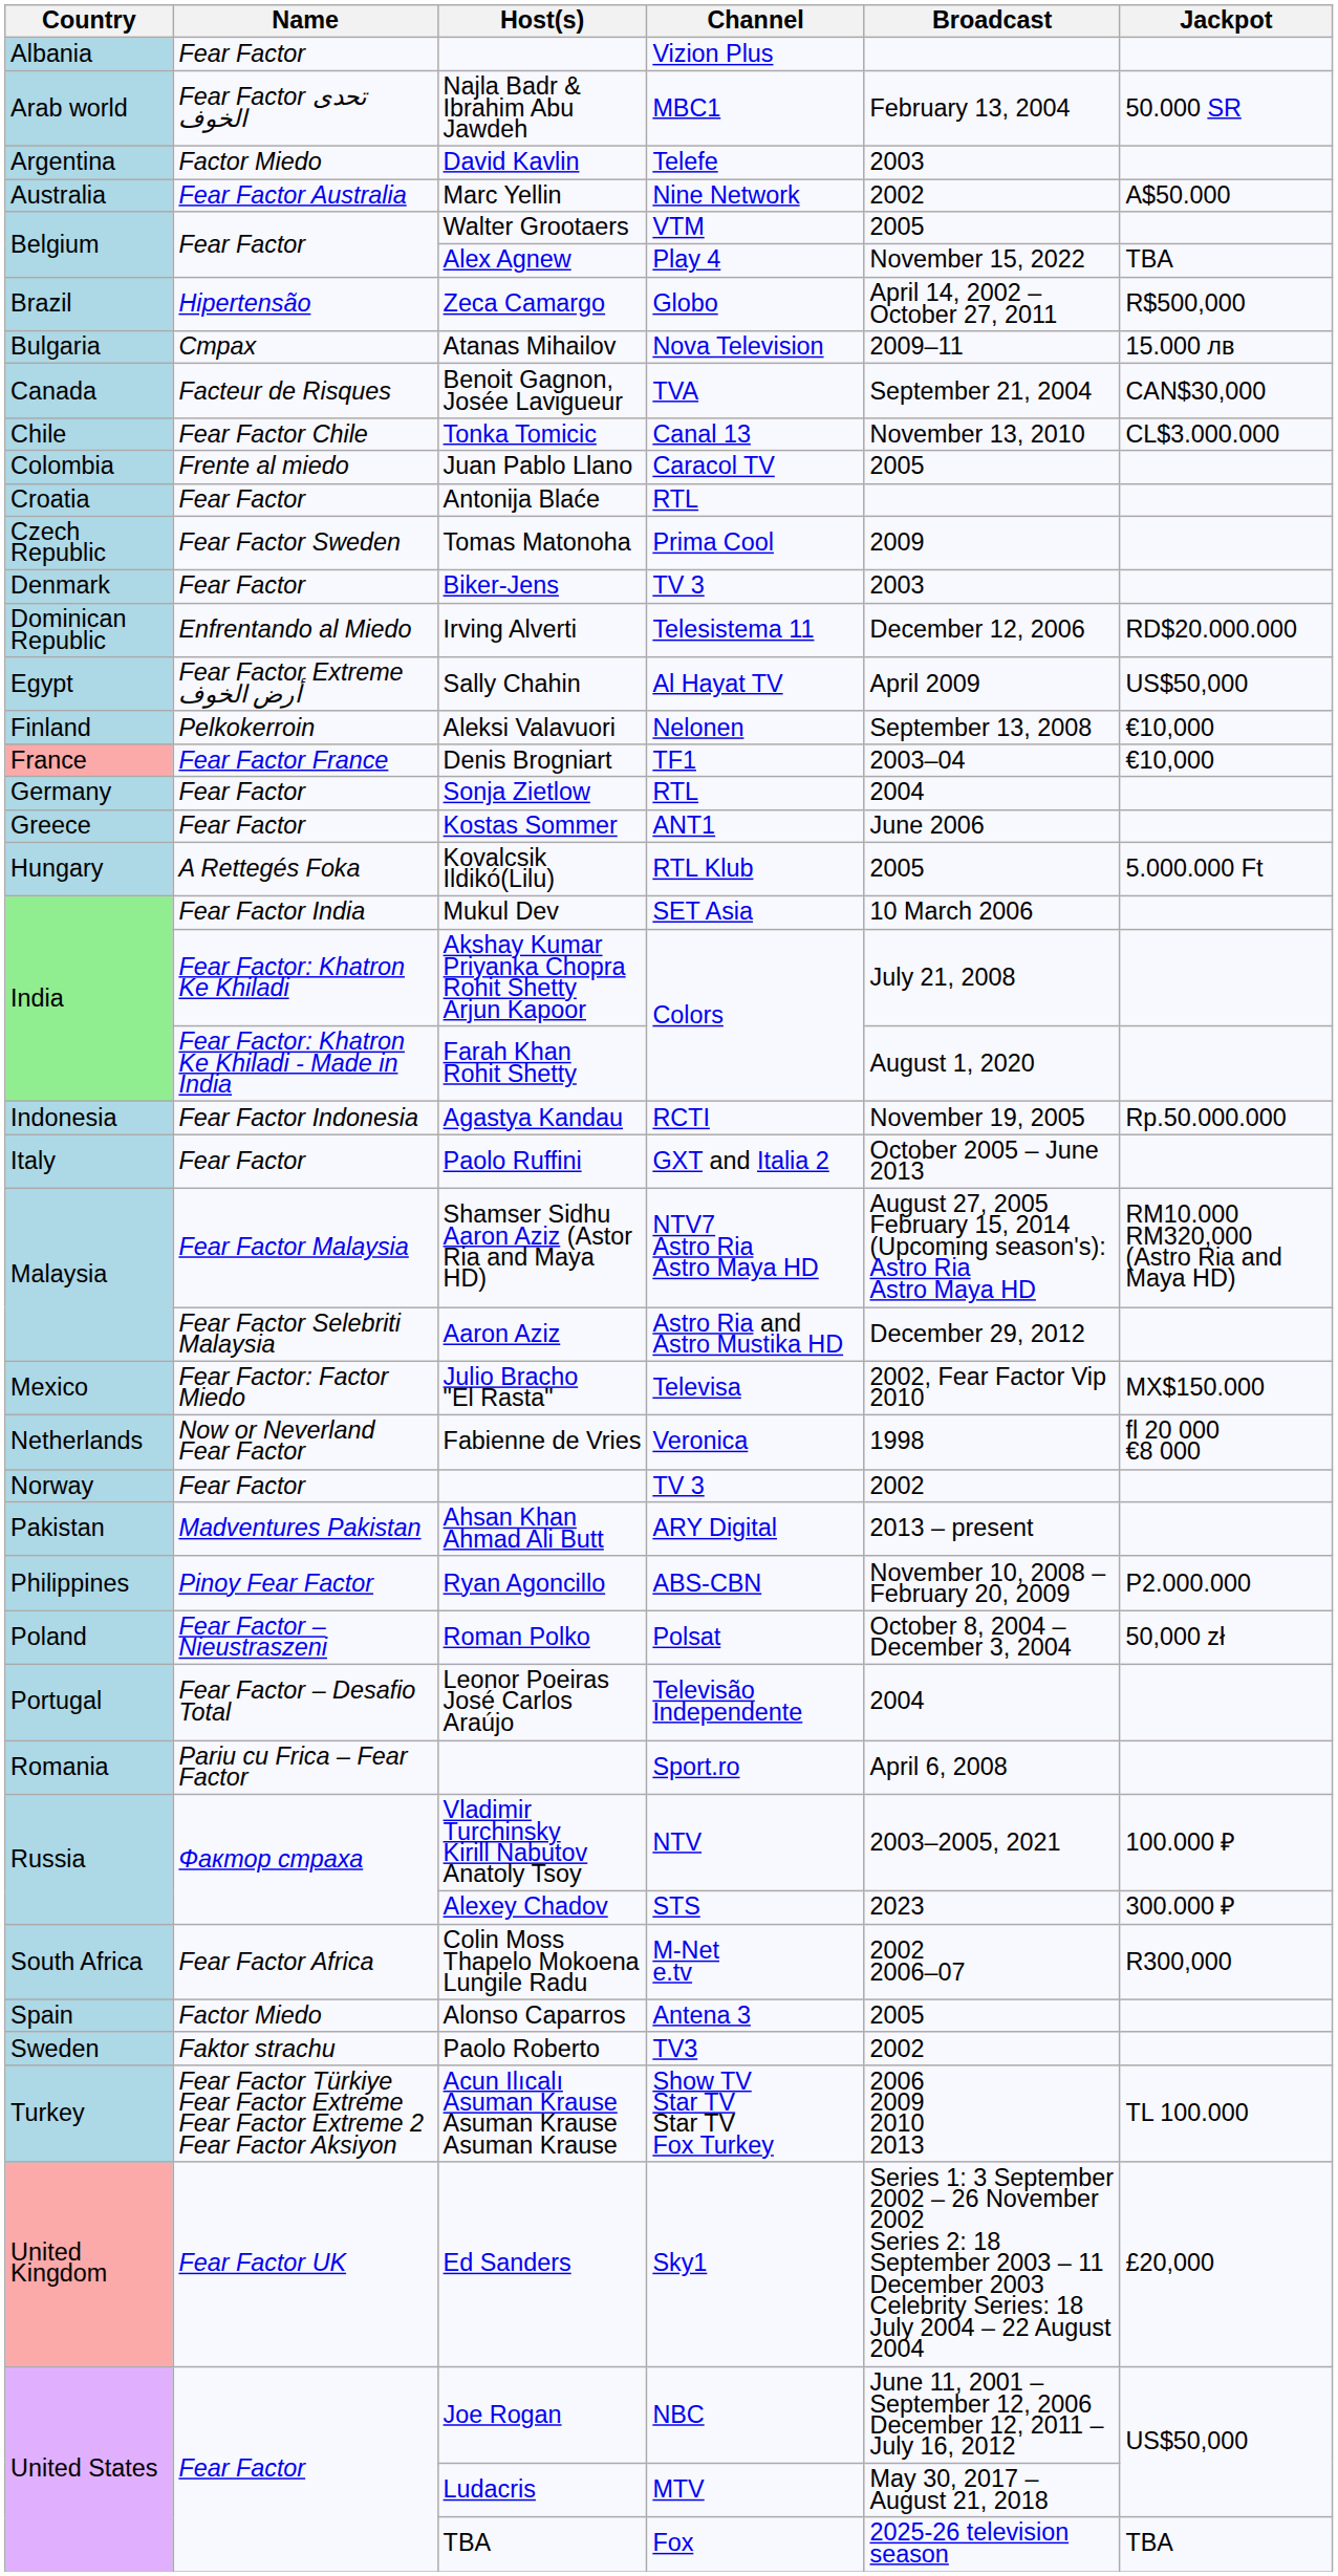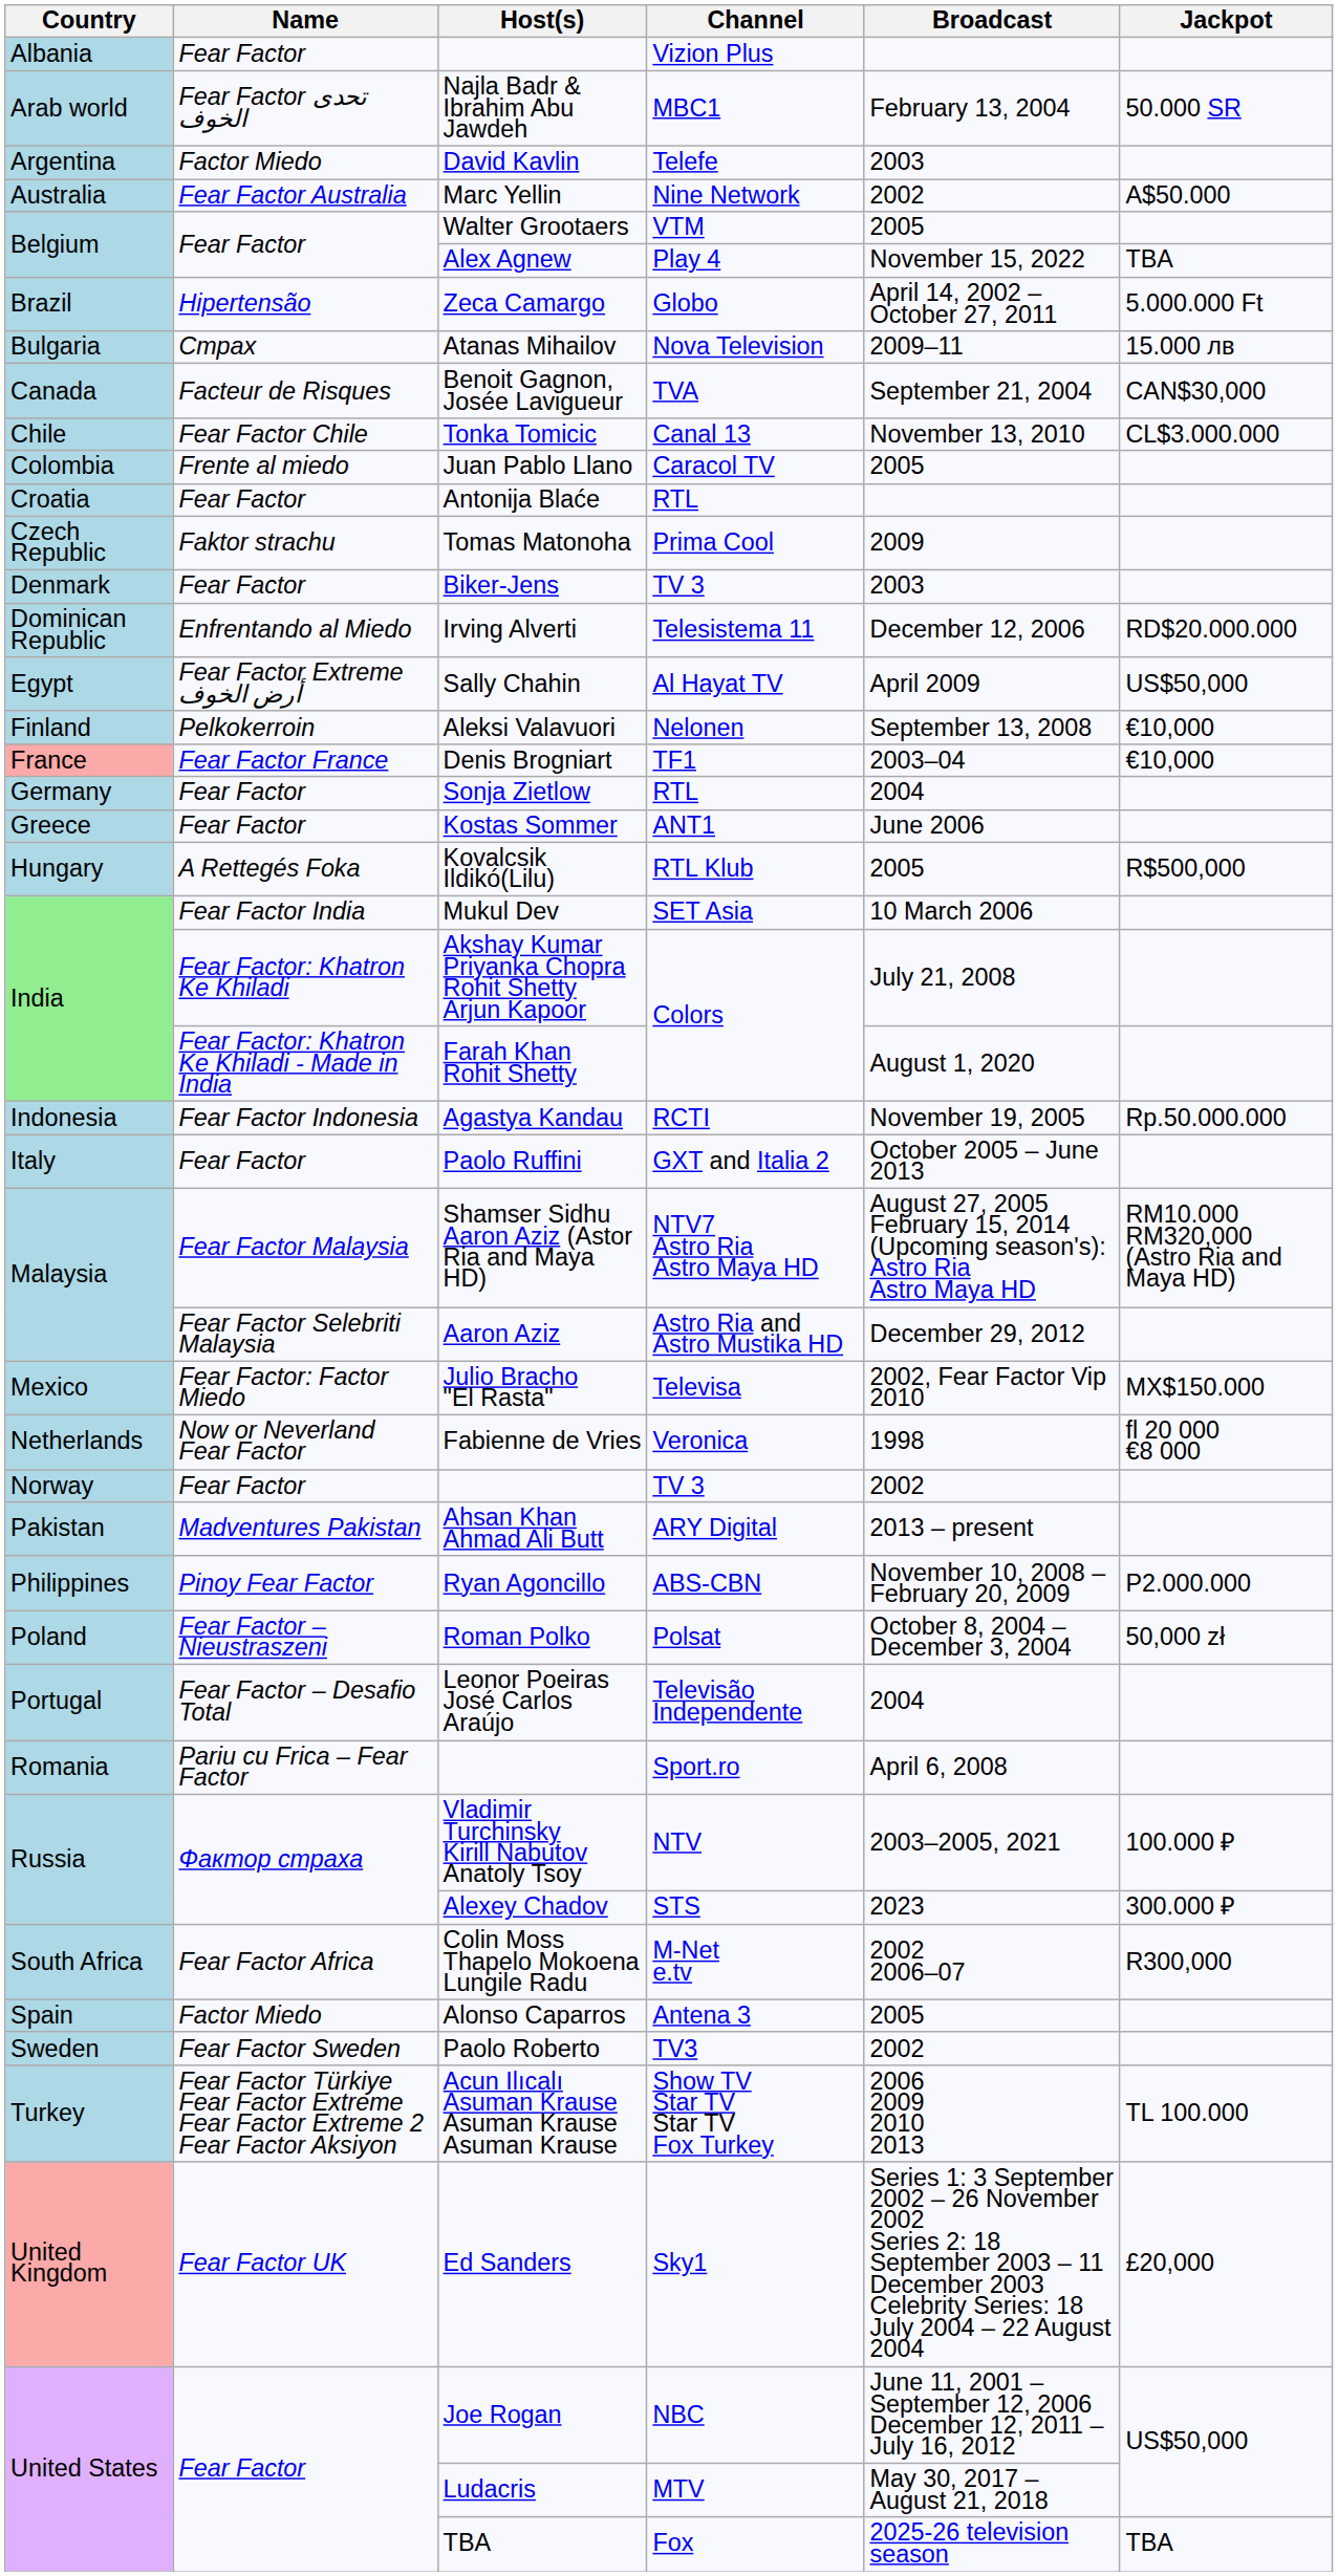 <table class="wikitable" style="text-align:left; line-height:14px; background:#F8F8FF;">
 <tr>
 <th>Country</th>
 <th>Name</th>
 <th>Host(s)</th>
 <th>Channel</th>
 <th>Broadcast</th>
 <th>Jackpot</th>
 </tr>
 <tr>
 <td style="background:#ADD8E6; text-align:left;">Albania</td>
 <td><em>Fear Factor</em></td>
 <td></td>
 <td><a href='#'>Vizion Plus</a></td>
 <td></td>
 <td></td>
 </tr>
 <tr>
 <td style="background:#ADD8E6; text-align:left;">Arab world</td>
 <td><em>Fear Factor تحدى الخوف</em></td>
 <td>Najla Badr & Ibrahim Abu Jawdeh</td>
 <td><a href='#'>MBC1</a></td>
 <td>February 13, 2004</td>
 <td>50.000 <a href='#'>SR</a></td>
 </tr>
 <tr>
 <td style="background:#ADD8E6; text-align:left;">Argentina</td>
 <td><em>Factor Miedo</em></td>
 <td><a href='#'>David Kavlin</a></td>
 <td><a href='#'>Telefe</a></td>
 <td>2003</td>
 <td></td>
 </tr>
 <tr>
 <td style="background:#ADD8E6; text-align:left;">Australia</td>
 <td><em><a href='#'>Fear Factor Australia</a></em></td>
 <td>Marc Yellin</td>
 <td><a href='#'>Nine Network</a></td>
 <td>2002</td>
 <td>A$50.000</td>
 </tr>
 <tr>
 <td rowspan="2" style="background:#ADD8E6; text-align:left;">Belgium</td>
 <td rowspan="2"><em>Fear Factor</em></td>
 <td>Walter Grootaers</td>
 <td><a href='#'>VTM</a></td>
 <td>2005</td>
 <td></td>
 </tr>
 <tr>
 <td><a href='#'>Alex Agnew</a></td>
 <td><a href='#'>Play 4</a></td>
 <td>November 15, 2022</td>
 <td>TBA</td>
 </tr>
 <tr>
 <td style="background:#ADD8E6; text-align:left;">Brazil</td>
 <td><em><a href='#'>Hipertensão</a></em></td>
 <td><a href='#'>Zeca Camargo</a> <br> </td>
 <td><a href='#'>Globo</a></td>
 <td>April 14, 2002 – October 27, 2011</td>
-<td>R$500,000</td>
+<td>5.000.000 Ft</td>
 </tr>
 <tr>
 <td style="background:#ADD8E6; text-align:left;">Bulgaria</td>
 <td><em>Страх</em></td>
 <td>Atanas Mihailov</td>
 <td><a href='#'>Nova Television</a></td>
 <td>2009–11</td>
 <td>15.000 лв</td>
 </tr>
 <tr>
 <td style="background:#ADD8E6; text-align:left;">Canada</td>
 <td><em>Facteur de Risques</em></td>
 <td>Benoit Gagnon, Josée Lavigueur</td>
 <td><a href='#'>TVA</a></td>
 <td>September 21, 2004</td>
 <td>CAN$30,000</td>
 </tr>
 <tr>
 <td style="background:#ADD8E6; text-align:left;">Chile</td>
 <td><em>Fear Factor Chile</em></td>
 <td><a href='#'>Tonka Tomicic</a></td>
 <td><a href='#'>Canal 13</a></td>
 <td>November 13, 2010</td>
 <td>CL$3.000.000</td>
 </tr>
 <tr>
 <td style="background:#ADD8E6; text-align:left;">Colombia</td>
 <td><em>Frente al miedo</em></td>
 <td>Juan Pablo Llano</td>
 <td><a href='#'>Caracol TV</a></td>
 <td>2005</td>
 <td></td>
 </tr>
 <tr>
 <td style="background:#ADD8E6; text-align:left;">Croatia</td>
 <td><em>Fear Factor</em></td>
 <td>Antonija Blaće</td>
 <td><a href='#'>RTL</a></td>
 <td></td>
 <td></td>
 </tr>
 <tr>
 <td style="background:#ADD8E6; text-align:left;">Czech Republic</td>
-<td><em>Fear Factor Sweden</em></td>
+<td><em>Faktor strachu</em></td>
 <td>Tomas Matonoha</td>
 <td><a href='#'>Prima Cool</a></td>
 <td>2009</td>
 <td></td>
 </tr>
 <tr>
 <td style="background:#ADD8E6; text-align:left;">Denmark</td>
 <td><em>Fear Factor</em></td>
 <td><a href='#'>Biker-Jens</a></td>
 <td><a href='#'>TV 3</a></td>
 <td>2003</td>
 <td></td>
 </tr>
 <tr>
 <td style="background:#ADD8E6; text-align:left;">Dominican Republic</td>
 <td><em>Enfrentando al Miedo</em></td>
 <td>Irving Alverti</td>
 <td><a href='#'>Telesistema 11</a></td>
 <td>December 12, 2006</td>
 <td>RD$20.000.000</td>
 </tr>
 <tr>
 <td style="background:#ADD8E6; text-align:left;">Egypt</td>
 <td><em>Fear Factor Extreme أرض الخوف</em></td>
 <td>Sally Chahin</td>
 <td><a href='#'>Al Hayat TV</a></td>
 <td>April 2009</td>
 <td>US$50,000</td>
 </tr>
 <tr>
 <td style="background:#ADD8E6; text-align:left;">Finland</td>
 <td><em>Pelkokerroin</em></td>
 <td>Aleksi Valavuori</td>
 <td><a href='#'>Nelonen</a></td>
 <td>September 13, 2008</td>
 <td>€10,000</td>
 </tr>
 <tr>
 <td style="background:#FCA9A9; text-align:left;">France</td>
 <td><em><a href='#'>Fear Factor France</a></em></td>
 <td>Denis Brogniart</td>
 <td><a href='#'>TF1</a></td>
 <td>2003–04</td>
 <td>€10,000</td>
 </tr>
 <tr>
 <td style="background:#ADD8E6; text-align:left;">Germany</td>
 <td><em>Fear Factor </em></td>
 <td><a href='#'>Sonja Zietlow</a></td>
 <td><a href='#'>RTL</a></td>
 <td>2004</td>
 <td></td>
 </tr>
 <tr>
 <td style="background:#ADD8E6; text-align:left;">Greece</td>
 <td><em>Fear Factor</em></td>
 <td><a href='#'>Kostas Sommer</a></td>
 <td><a href='#'>ANT1</a></td>
 <td>June 2006</td>
 <td></td>
 </tr>
 <tr>
 <td style="background:#ADD8E6; text-align:left;">Hungary</td>
 <td><em>A Rettegés Foka</em></td>
 <td>Kovalcsik Ildikó(Lilu)</td>
 <td><a href='#'>RTL Klub</a></td>
 <td>2005</td>
-<td>5.000.000 Ft</td>
+<td>R$500,000</td>
 </tr>
 <tr>
 <td rowspan=3 style="background: #90EE90; text-align:left;">India</td>
 <td><em>Fear Factor India</em></td>
 <td>Mukul Dev</td>
 <td><a href='#'>SET Asia</a></td>
 <td>10 March 2006</td>
 <td></td>
 </tr>
 <tr>
 <td><em><a href='#'>Fear Factor: Khatron Ke Khiladi</a></em></td>
 <td><a href='#'>Akshay Kumar</a> <br><a href='#'>Priyanka Chopra</a> <br><a href='#'>Rohit Shetty</a> <br><a href='#'>Arjun Kapoor</a> </td>
 <td rowspan=2><a href='#'>Colors</a></td>
 <td>July 21, 2008</td>
 <td></td>
 </tr>
 <tr>
 <td><em><a href='#'>Fear Factor: Khatron Ke Khiladi - Made in India</a></em></td>
 <td><a href='#'>Farah Khan</a><br><a href='#'>Rohit Shetty</a></td>
 <td>August 1, 2020</td>
 <td></td>
 </tr>
 <tr>
 <td style="background:#ADD8E6; text-align:left;">Indonesia</td>
 <td><em>Fear Factor Indonesia</em></td>
 <td><a href='#'>Agastya Kandau</a></td>
 <td><a href='#'>RCTI</a></td>
 <td>November 19, 2005</td>
 <td>Rp.50.000.000</td>
 </tr>
 <tr>
 <td style="background:#ADD8E6; text-align:left;">Italy</td>
 <td><em>Fear Factor</em></td>
 <td><a href='#'>Paolo Ruffini</a></td>
 <td><a href='#'>GXT</a> and <a href='#'>Italia 2</a></td>
 <td>October 2005 – June 2013</td>
 <td></td>
 </tr>
 <tr>
 <td rowspan=2 style="background:#ADD8E6; text-align:left;">Malaysia</td>
 <td><em><a href='#'>Fear Factor Malaysia</a></em></td>
 <td>Shamser Sidhu<br><a href='#'>Aaron Aziz</a> (Astor Ria and Maya HD)</td>
 <td><a href='#'>NTV7</a><br><a href='#'>Astro Ria</a><br><a href='#'>Astro Maya HD</a></td>
 <td>August 27, 2005<br>February 15, 2014 (Upcoming season's): <a href='#'>Astro Ria</a><br><a href='#'>Astro Maya HD</a></td>
 <td>RM10.000<br> RM320,000<br>(Astro Ria and Maya HD)</td>
 </tr>
 <tr>
 <td><em>Fear Factor Selebriti Malaysia</em></td>
 <td><a href='#'>Aaron Aziz</a></td>
 <td><a href='#'>Astro Ria</a> and <a href='#'>Astro Mustika HD</a></td>
 <td>December 29, 2012</td>
 <td></td>
 </tr>
 <tr>
 <td style="background:#ADD8E6; text-align:left;">Mexico</td>
 <td><em>Fear Factor: Factor Miedo</em></td>
 <td><a href='#'>Julio Bracho</a>  <br>"El Rasta" </td>
 <td><a href='#'>Televisa</a></td>
 <td>2002, Fear Factor Vip 2010</td>
 <td>MX$150.000</td>
 </tr>
 <tr>
 <td style="background:#ADD8E6; text-align:left;">Netherlands</td>
 <td><em>Now or Neverland</em><br><em>Fear Factor</em></td>
 <td>Fabienne de Vries</td>
 <td><a href='#'>Veronica</a></td>
 <td>1998</td>
 <td>fl 20 000<br>€8 000</td>
 </tr>
 <tr>
 <td style="background:#ADD8E6; text-align:left;">Norway</td>
 <td><em>Fear Factor</em></td>
 <td></td>
 <td><a href='#'>TV 3</a></td>
 <td>2002</td>
 <td></td>
 </tr>
 <tr>
 <td style="background:#ADD8E6; text-align:left;">Pakistan</td>
 <td><em><a href='#'>Madventures Pakistan</a></em></td>
 <td><a href='#'>Ahsan Khan</a> <br><a href='#'>Ahmad Ali Butt</a> </td>
 <td><a href='#'>ARY Digital</a></td>
 <td>2013 – present</td>
 <td></td>
 </tr>
 <tr>
 <td style="background:#ADD8E6; text-align:left;">Philippines</td>
 <td><em><a href='#'>Pinoy Fear Factor</a></em></td>
 <td><a href='#'>Ryan Agoncillo</a></td>
 <td><a href='#'>ABS-CBN</a></td>
 <td>November 10, 2008 – February 20, 2009</td>
 <td>P2.000.000</td>
 </tr>
 <tr>
 <td style="background:#ADD8E6; text-align:left;">Poland</td>
 <td><em><a href='#'>Fear Factor – Nieustraszeni</a></em></td>
 <td><a href='#'>Roman Polko</a></td>
 <td><a href='#'>Polsat</a></td>
 <td>October 8, 2004 – December 3, 2004</td>
 <td>50,000 zł</td>
 </tr>
 <tr>
 <td style="background:#ADD8E6; text-align:left;">Portugal</td>
 <td><em>Fear Factor – Desafio Total</em></td>
 <td>Leonor Poeiras<br>José Carlos Araújo</td>
 <td><a href='#'>Televisão Independente</a></td>
 <td>2004</td>
 <td></td>
 </tr>
 <tr>
 <td style="background:#ADD8E6; text-align:left;">Romania</td>
 <td><em>Pariu cu Frica – Fear Factor</em></td>
 <td></td>
 <td><a href='#'>Sport.ro</a></td>
 <td>April 6, 2008</td>
 <td></td>
 </tr>
 <tr>
 <td rowspan="2" style="background:#ADD8E6; text-align:left;">Russia</td>
 <td rowspan="2"><em><a href='#'>Фактор страха</a></em></td>
 <td><a href='#'>Vladimir Turchinsky</a> <br><a href='#'>Kirill Nabutov</a> <br>Anatoly Tsoy </td>
 <td><a href='#'>NTV</a></td>
 <td>2003–2005, 2021</td>
 <td>100.000 ₽</td>
 </tr>
 <tr>
 <td><a href='#'>Alexey Chadov</a></td>
 <td><a href='#'>STS</a></td>
 <td>2023</td>
 <td>300.000 ₽</td>
 </tr>
 <tr>
 <td style="background:#ADD8E6; text-align:left;">South Africa</td>
 <td><em>Fear Factor Africa</em></td>
 <td>Colin Moss <br>Thapelo Mokoena <br>Lungile Radu</td>
 <td><a href='#'>M-Net</a><br><a href='#'>e.tv</a></td>
 <td>2002<br>2006–07</td>
 <td>R300,000</td>
 </tr>
 <tr>
 <td style="background:#ADD8E6; text-align:left;">Spain</td>
 <td><em>Factor Miedo</em></td>
 <td>Alonso Caparros</td>
 <td><a href='#'>Antena 3</a></td>
 <td>2005</td>
 <td></td>
 </tr>
 <tr>
 <td style="background:#ADD8E6; text-align:left;">Sweden</td>
-<td><em>Faktor strachu</em></td>
+<td><em>Fear Factor Sweden</em></td>
 <td>Paolo Roberto</td>
 <td><a href='#'>TV3</a></td>
 <td>2002</td>
 <td></td>
 </tr>
 <tr>
 <td style="background:#ADD8E6; text-align:left;">Turkey</td>
 <td><em>Fear Factor Türkiye</em><br><em>Fear Factor Extreme</em><br><em>Fear Factor Extreme 2</em><br><em>Fear Factor Aksiyon</em></td>
 <td><a href='#'>Acun Ilıcalı</a><br><a href='#'>Asuman Krause</a><br>Asuman Krause<br>Asuman Krause</td>
 <td><a href='#'>Show TV</a><br><a href='#'>Star TV</a><br>Star TV<br><a href='#'>Fox Turkey</a></td>
 <td>2006<br>2009<br>2010<br>2013</td>
 <td>TL 100.000</td>
 </tr>
 <tr>
 <td style="background:#FCA9A9; text-align:left;">United Kingdom</td>
 <td><em><a href='#'>Fear Factor UK</a></em></td>
 <td><a href='#'>Ed Sanders</a></td>
 <td><a href='#'>Sky1</a></td>
 <td>Series 1: 3 September 2002 – 26 November 2002<br>Series 2: 18 September 2003 – 11 December 2003<br>Celebrity Series: 18 July 2004 – 22 August 2004</td>
 <td>£20,000</td>
 </tr>
 <tr>
 <td rowspan="3" style="background: #E0B0FF; text-align:left;">United States</td>
 <td rowspan="3"><em><a href='#'>Fear Factor</a></em></td>
 <td><a href='#'>Joe Rogan</a></td>
 <td><a href='#'>NBC</a></td>
 <td>June 11, 2001 – September 12, 2006<br>December 12, 2011 – July 16, 2012</td>
 <td rowspan="2">US$50,000</td>
 </tr>
 <tr>
 <td><a href='#'>Ludacris</a></td>
 <td><a href='#'>MTV</a></td>
 <td>May 30, 2017 – August 21, 2018</td>
 </tr>
 <tr>
 <td>TBA</td>
 <td><a href='#'>Fox</a></td>
 <td><a href='#'>2025-26 television season</a></td>
 <td>TBA</td>
 </tr>
 </table>
